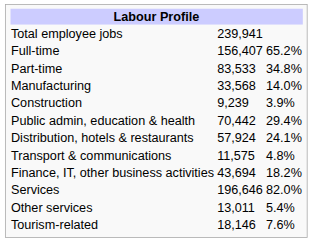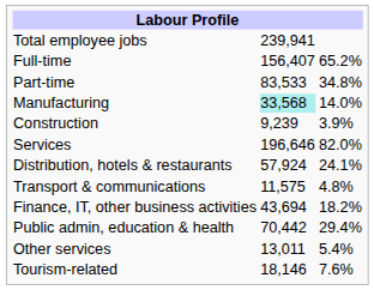 <table class="infobox">
 <tr>
 <th style="background:#ccccff" align="center" colspan=3>Labour Profile</th>
 </tr>
 <tr>
 <td>Total employee jobs</td>
 <td>239,941</td>
 </tr>
 <tr>
 <td>Full-time</td>
 <td>156,407</td>
 <td>65.2%</td>
 </tr>
 <tr>
 <td>Part-time</td>
 <td>83,533</td>
 <td>34.8%</td>
 </tr>
 <tr>
 <td>Manufacturing</td>
-<td>33,568</td>
+<td style="background: paleturquoise;">33,568</td>
 <td>14.0%</td>
 </tr>
 <tr>
 <td>Construction</td>
 <td>9,239</td>
 <td>3.9%</td>
 </tr>
 <tr>
-<td style="left-padding: 20pt">Public admin, education & health</td>
-<td>70,442</td>
-<td>29.4%</td>
+<td>Services</td>
+<td>196,646</td>
+<td>82.0%</td>
 </tr>
 <tr>
 <td style="left-padding: 20pt">Distribution, hotels & restaurants</td>
 <td>57,924</td>
 <td>24.1%</td>
 </tr>
 <tr>
 <td style="left-padding: 20pt">Transport & communications</td>
 <td>11,575</td>
 <td>4.8%</td>
 </tr>
 <tr>
 <td style="left-padding: 20pt">Finance, IT, other business activities</td>
 <td>43,694</td>
 <td>18.2%</td>
 </tr>
 <tr>
-<td>Services</td>
-<td>196,646</td>
-<td>82.0%</td>
+<td style="left-padding: 20pt">Public admin, education & health</td>
+<td>70,442</td>
+<td>29.4%</td>
 </tr>
 <tr>
 <td style="left-padding: 20pt">Other services</td>
 <td>13,011</td>
 <td>5.4%</td>
 </tr>
 <tr>
 <td style="left-padding: 20pt">Tourism-related</td>
 <td>18,146</td>
 <td>7.6%</td>
 </tr>
 </table>
